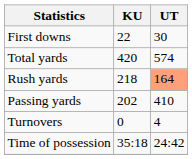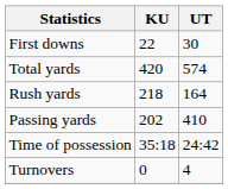 <table class="wikitable" style="float: left;">
 <tr>
 <th>Statistics</th>
 <th>KU</th>
 <th>UT</th>
 </tr>
 <tr>
 <td>First downs</td>
 <td>22</td>
 <td>30</td>
 </tr>
 <tr>
 <td>Total yards</td>
 <td>420</td>
 <td>574</td>
 </tr>
 <tr>
 <td>Rush yards</td>
 <td>218</td>
-<td style="background: lightsalmon;">164</td>
+<td>164</td>
 </tr>
 <tr>
 <td>Passing yards</td>
 <td>202</td>
 <td>410</td>
 </tr>
 <tr>
+<td>Time of possession</td>
+<td>35:18</td>
+<td>24:42</td>
+</tr>
+<tr>
 <td>Turnovers</td>
 <td>0</td>
 <td>4</td>
 </tr>
 <tr>
-<td>Time of possession</td>
-<td>35:18</td>
-<td>24:42</td>
-</tr>
-<tr>
 </tr>
 </table>
